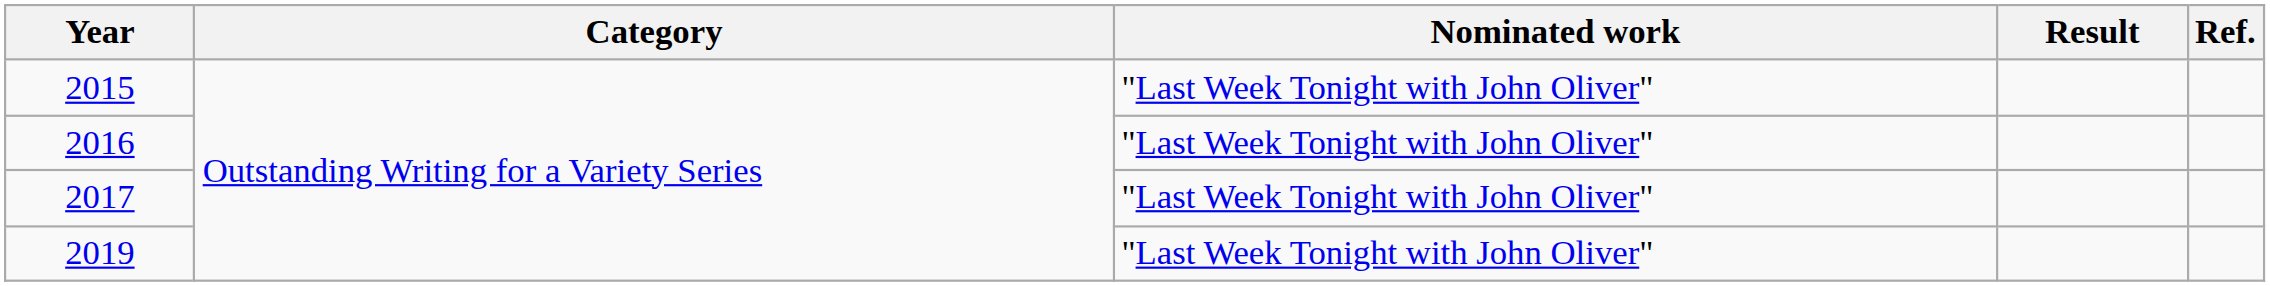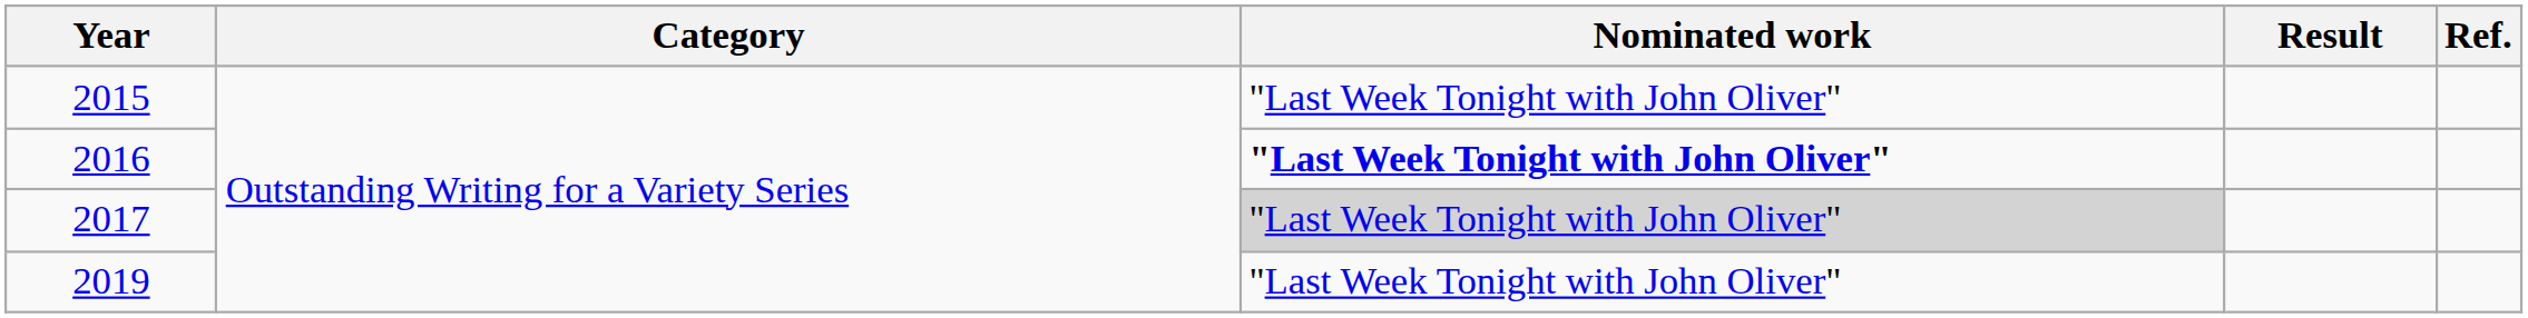 <table class=wikitable>
 <tr>
 <th scope="col" style="width:5em;">Year</th>
 <th scope="col" style="width:26em;">Category</th>
 <th scope="col" style="width:25em;">Nominated work</th>
 <th scope="col" style="width:5em;">Result</th>
 <th>Ref.</th>
 </tr>
 <tr>
 <td style="text-align:center;"><a href='#'>2015</a></td>
 <td rowspan="4"><a href='#'>Outstanding Writing for a Variety Series</a></td>
 <td>"<a href='#'>Last Week Tonight with John Oliver</a>"</td>
 <td></td>
 <td></td>
 </tr>
 <tr>
 <td style="text-align:center;"><a href='#'>2016</a></td>
-<td>"<a href='#'>Last Week Tonight with John Oliver</a>"</td>
+<td><strong>"<a href='#'>Last Week Tonight with John Oliver</a>"</strong></td>
 <td></td>
 <td></td>
 </tr>
 <tr>
 <td style="text-align:center;"><a href='#'>2017</a></td>
-<td>"<a href='#'>Last Week Tonight with John Oliver</a>"</td>
+<td style="background: lightgrey;">"<a href='#'>Last Week Tonight with John Oliver</a>"</td>
 <td></td>
 <td></td>
 </tr>
 <tr>
 <td style="text-align:center;"><a href='#'>2019</a></td>
 <td>"<a href='#'>Last Week Tonight with John Oliver</a>"</td>
 <td></td>
 <td></td>
 </tr>
 </table>
